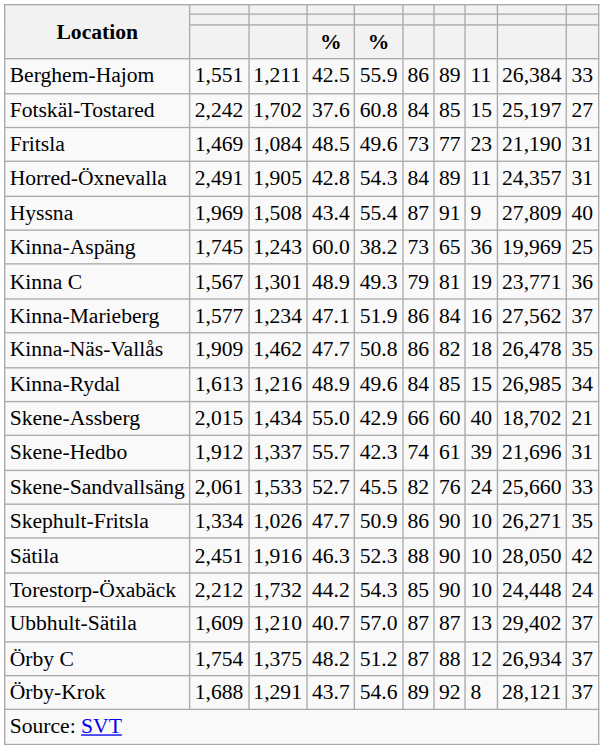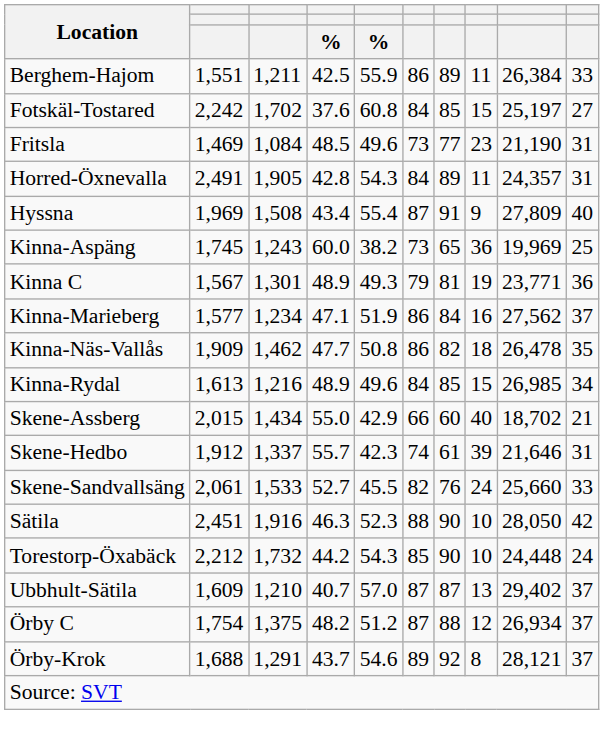 <table role="presentation" class="wikitable sortable mw-collapsible">
 <tr>
 <th rowspan="3">Location</th>
 <th></th>
 <th></th>
 <th></th>
 <th></th>
 <th></th>
 <th></th>
 <th></th>
 <th></th>
 <th></th>
 </tr>
 <tr>
 <th></th>
 <th></th>
 <th style="background:"></th>
 <th style="background:"></th>
 <th></th>
 <th></th>
 <th></th>
 <th></th>
 <th></th>
 </tr>
 <tr>
 <th data-sort-type="number"></th>
 <th data-sort-type="number"></th>
 <th data-sort-type="number">%</th>
 <th data-sort-type="number">%</th>
 <th data-sort-type="number"></th>
 <th data-sort-type="number"></th>
 <th data-sort-type="number"></th>
 <th data-sort-type="number"></th>
 <th data-sort-type="number"></th>
 </tr>
 <tr>
 <td align="left">Berghem-Hajom</td>
 <td>1,551</td>
 <td>1,211</td>
 <td>42.5</td>
 <td>55.9</td>
 <td>86</td>
 <td>89</td>
 <td>11</td>
 <td>26,384</td>
 <td>33</td>
 </tr>
 <tr>
 <td align="left">Fotskäl-Tostared</td>
 <td>2,242</td>
 <td>1,702</td>
 <td>37.6</td>
 <td>60.8</td>
 <td>84</td>
 <td>85</td>
 <td>15</td>
 <td>25,197</td>
 <td>27</td>
 </tr>
 <tr>
 <td align="left">Fritsla</td>
 <td>1,469</td>
 <td>1,084</td>
 <td>48.5</td>
 <td>49.6</td>
 <td>73</td>
 <td>77</td>
 <td>23</td>
 <td>21,190</td>
 <td>31</td>
 </tr>
 <tr>
 <td align="left">Horred-Öxnevalla</td>
 <td>2,491</td>
 <td>1,905</td>
 <td>42.8</td>
 <td>54.3</td>
 <td>84</td>
 <td>89</td>
 <td>11</td>
 <td>24,357</td>
 <td>31</td>
 </tr>
 <tr>
 <td align="left">Hyssna</td>
 <td>1,969</td>
 <td>1,508</td>
 <td>43.4</td>
 <td>55.4</td>
 <td>87</td>
 <td>91</td>
 <td>9</td>
 <td>27,809</td>
 <td>40</td>
 </tr>
 <tr>
 <td align="left">Kinna-Aspäng</td>
 <td>1,745</td>
 <td>1,243</td>
 <td>60.0</td>
 <td>38.2</td>
 <td>73</td>
 <td>65</td>
 <td>36</td>
 <td>19,969</td>
 <td>25</td>
 </tr>
 <tr>
 <td align="left">Kinna C</td>
 <td>1,567</td>
 <td>1,301</td>
 <td>48.9</td>
 <td>49.3</td>
 <td>79</td>
 <td>81</td>
 <td>19</td>
 <td>23,771</td>
 <td>36</td>
 </tr>
 <tr>
 <td align="left">Kinna-Marieberg</td>
 <td>1,577</td>
 <td>1,234</td>
 <td>47.1</td>
 <td>51.9</td>
 <td>86</td>
 <td>84</td>
 <td>16</td>
 <td>27,562</td>
 <td>37</td>
 </tr>
 <tr>
 <td align="left">Kinna-Näs-Vallås</td>
 <td>1,909</td>
 <td>1,462</td>
 <td>47.7</td>
 <td>50.8</td>
 <td>86</td>
 <td>82</td>
 <td>18</td>
 <td>26,478</td>
 <td>35</td>
 </tr>
 <tr>
 <td align="left">Kinna-Rydal</td>
 <td>1,613</td>
 <td>1,216</td>
 <td>48.9</td>
 <td>49.6</td>
 <td>84</td>
 <td>85</td>
 <td>15</td>
 <td>26,985</td>
 <td>34</td>
 </tr>
 <tr>
 <td align="left">Skene-Assberg</td>
 <td>2,015</td>
 <td>1,434</td>
 <td>55.0</td>
 <td>42.9</td>
 <td>66</td>
 <td>60</td>
 <td>40</td>
 <td>18,702</td>
 <td>21</td>
 </tr>
 <tr>
 <td align="left">Skene-Hedbo</td>
 <td>1,912</td>
 <td>1,337</td>
 <td>55.7</td>
 <td>42.3</td>
 <td>74</td>
 <td>61</td>
 <td>39</td>
-<td>21,696</td>
+<td>21,646</td>
 <td>31</td>
 </tr>
 <tr>
 <td align="left">Skene-Sandvallsäng</td>
 <td>2,061</td>
 <td>1,533</td>
 <td>52.7</td>
 <td>45.5</td>
 <td>82</td>
 <td>76</td>
 <td>24</td>
 <td>25,660</td>
 <td>33</td>
-</tr>
-<tr>
-<td align="left">Skephult-Fritsla</td>
-<td>1,334</td>
-<td>1,026</td>
-<td>47.7</td>
-<td>50.9</td>
-<td>86</td>
-<td>90</td>
-<td>10</td>
-<td>26,271</td>
-<td>35</td>
 </tr>
 <tr>
 <td align="left">Sätila</td>
 <td>2,451</td>
 <td>1,916</td>
 <td>46.3</td>
 <td>52.3</td>
 <td>88</td>
 <td>90</td>
 <td>10</td>
 <td>28,050</td>
 <td>42</td>
 </tr>
 <tr>
 <td align="left">Torestorp-Öxabäck</td>
 <td>2,212</td>
 <td>1,732</td>
 <td>44.2</td>
 <td>54.3</td>
 <td>85</td>
 <td>90</td>
 <td>10</td>
 <td>24,448</td>
 <td>24</td>
 </tr>
 <tr>
 <td align="left">Ubbhult-Sätila</td>
 <td>1,609</td>
 <td>1,210</td>
 <td>40.7</td>
 <td>57.0</td>
 <td>87</td>
 <td>87</td>
 <td>13</td>
 <td>29,402</td>
 <td>37</td>
 </tr>
 <tr>
 <td align="left">Örby C</td>
 <td>1,754</td>
 <td>1,375</td>
 <td>48.2</td>
 <td>51.2</td>
 <td>87</td>
 <td>88</td>
 <td>12</td>
 <td>26,934</td>
 <td>37</td>
 </tr>
 <tr>
 <td align="left">Örby-Krok</td>
 <td>1,688</td>
 <td>1,291</td>
 <td>43.7</td>
 <td>54.6</td>
 <td>89</td>
 <td>92</td>
 <td>8</td>
 <td>28,121</td>
 <td>37</td>
 </tr>
 <tr>
 <td colspan="10" align="left">Source: <a href='#'>SVT</a></td>
 </tr>
 </table>
